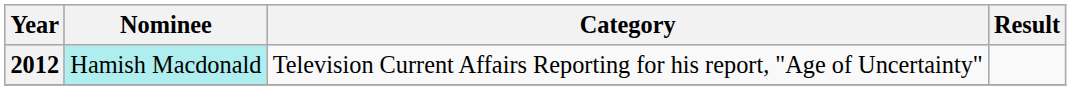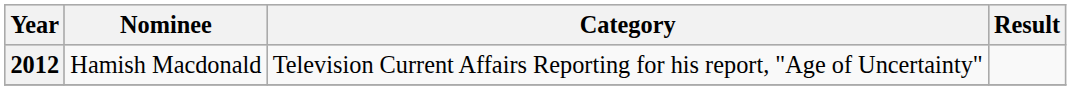 <table class="wikitable plainrowheaders" style="font-size: 95%;">
 <tr>
 <th scope="col">Year</th>
 <th scope="col">Nominee</th>
 <th scope="col">Category</th>
 <th scope="col">Result</th>
 </tr>
 <tr>
 <th scope="row">2012</th>
-<td style="background: paleturquoise;">Hamish Macdonald</td>
+<td>Hamish Macdonald</td>
 <td>Television Current Affairs Reporting for his report, "Age of Uncertainty"</td>
 <td></td>
 </tr>
 <tr>
 </tr>
 </table>
